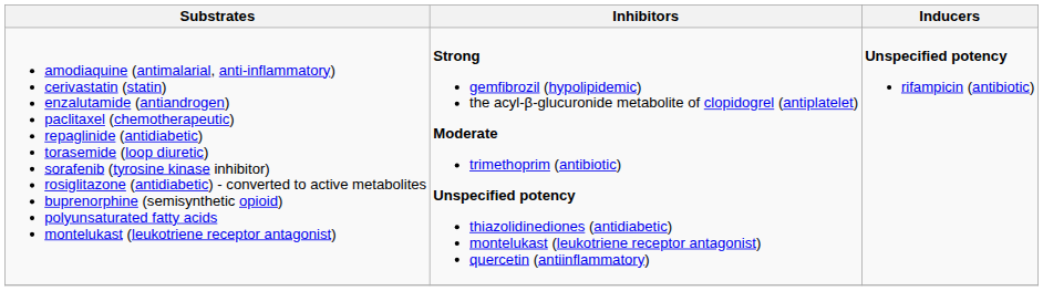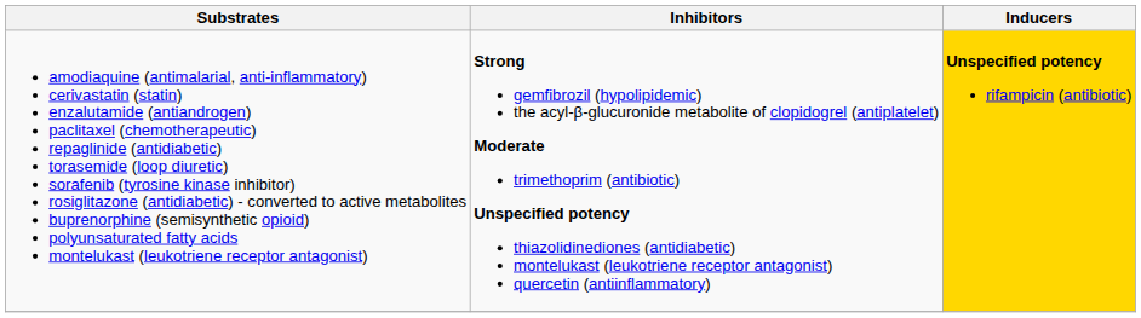 <table class="wikitable">
 <tr>
 <th>Substrates</th>
 <th>Inhibitors</th>
 <th>Inducers</th>
 </tr>
 <tr style="vertical-align: top;">
 <td><br><ul><li><a href='#'>amodiaquine</a> (<a href='#'>antimalarial</a>, <a href='#'>anti-inflammatory</a>)</li><li><a href='#'>cerivastatin</a> (<a href='#'>statin</a>)</li><li><a href='#'>enzalutamide</a> (<a href='#'>antiandrogen</a>)</li><li><a href='#'>paclitaxel</a> (<a href='#'>chemotherapeutic</a>)</li><li><a href='#'>repaglinide</a> (<a href='#'>antidiabetic</a>)</li><li><a href='#'>torasemide</a> (<a href='#'>loop diuretic</a>)</li><li><a href='#'>sorafenib</a> (<a href='#'>tyrosine kinase</a> inhibitor)</li><li><a href='#'>rosiglitazone</a> (<a href='#'>antidiabetic</a>) - converted to active metabolites</li><li><a href='#'>buprenorphine</a> (semisynthetic <a href='#'>opioid</a>)</li><li><a href='#'>polyunsaturated fatty acids</a></li><li><a href='#'>montelukast</a> (<a href='#'>leukotriene receptor antagonist</a>)</li></ul></td>
 <td><br><strong>Strong</strong><ul><li><a href='#'>gemfibrozil</a> (<a href='#'>hypolipidemic</a>)</li><li>the acyl-β-glucuronide metabolite of <a href='#'>clopidogrel</a> (<a href='#'>antiplatelet</a>)</li></ul><strong>Moderate</strong><ul><li><a href='#'>trimethoprim</a> (<a href='#'>antibiotic</a>)</li></ul><strong>Unspecified potency</strong><ul><li><a href='#'>thiazolidinediones</a> (<a href='#'>antidiabetic</a>)</li><li><a href='#'>montelukast</a> (<a href='#'>leukotriene receptor antagonist</a>)</li><li><a href='#'>quercetin</a> (<a href='#'>antiinflammatory</a>)</li></ul></td>
-<td><br><strong>Unspecified potency</strong><ul><li><a href='#'>rifampicin</a> (<a href='#'>antibiotic</a>)</li></ul></td>
+<td style="background: gold;"><br><strong>Unspecified potency</strong><ul><li><a href='#'>rifampicin</a> (<a href='#'>antibiotic</a>)</li></ul></td>
 </tr>
 <tr>
 </tr>
 </table>
